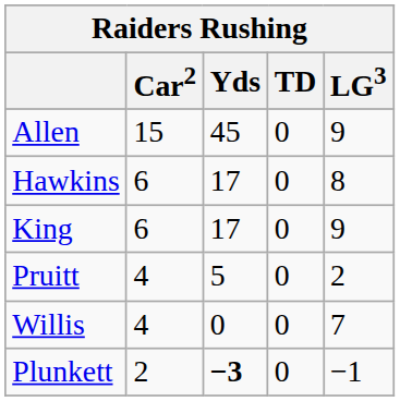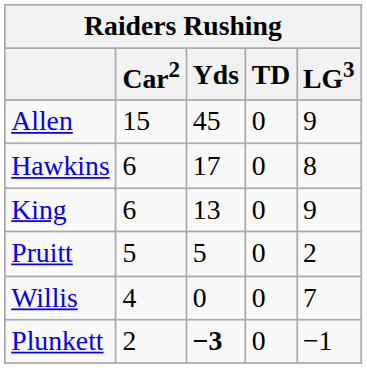 <table class="wikitable">
 <tr>
 <th colspan="5">Raiders Rushing</th>
 </tr>
 <tr>
 <th></th>
 <th>Car<sup>2</sup></th>
 <th>Yds</th>
 <th>TD</th>
 <th>LG<sup>3</sup></th>
 </tr>
 <tr>
 <td><a href='#'>Allen</a></td>
 <td>15</td>
 <td>45</td>
 <td>0</td>
 <td>9</td>
 </tr>
 <tr>
 <td><a href='#'>Hawkins</a></td>
 <td>6</td>
 <td>17</td>
 <td>0</td>
 <td>8</td>
 </tr>
 <tr>
 <td><a href='#'>King</a></td>
 <td>6</td>
-<td>17</td>
+<td>13</td>
 <td>0</td>
 <td>9</td>
 </tr>
 <tr>
 <td><a href='#'>Pruitt</a></td>
-<td>4</td>
+<td>5</td>
 <td>5</td>
 <td>0</td>
 <td>2</td>
 </tr>
 <tr>
 <td><a href='#'>Willis</a></td>
 <td>4</td>
 <td>0</td>
 <td>0</td>
 <td>7</td>
 </tr>
 <tr>
 <td><a href='#'>Plunkett</a></td>
 <td>2</td>
 <td><strong>−3</strong></td>
 <td>0</td>
 <td>−1</td>
 </tr>
 </table>
